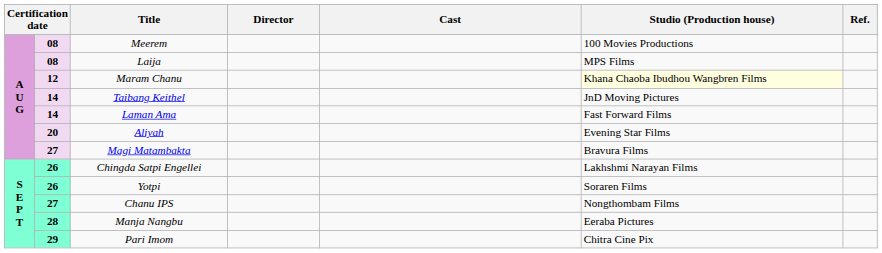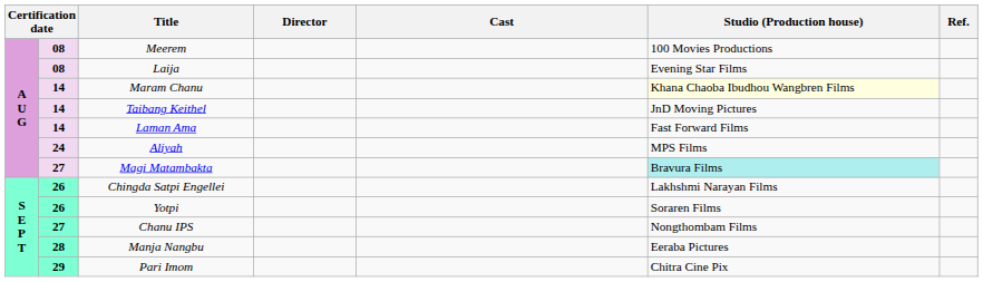 <table class="wikitable">
 <tr style="background:#b0e0e6; text-align:center;">
 <th colspan="2" style="width:6%;"><strong>Certification date</strong></th>
 <th style="width:18%;"><strong>Title</strong></th>
 <th style="width:10.5%;"><strong>Director</strong></th>
 <th style="width:30%;"><strong>Cast</strong></th>
 <th><strong>Studio (Production house)</strong></th>
 <th>Ref.</th>
 </tr>
 <tr August>
 <td rowspan="7" style="text-align:center; background:plum; textcolor:#000;"><strong>A<br>U<br>G</strong></td>
 <td rowspan="1" style="text-align:center;background:#f1daf1;"><strong>08</strong></td>
 <td style="text-align:center;"><em>Meerem</em></td>
 <td></td>
 <td></td>
 <td>100 Movies Productions</td>
 <td></td>
 </tr>
 <tr>
 <td rowspan="1" style="text-align:center;background:#f1daf1;"><strong>08</strong></td>
 <td style="text-align:center;"><em>Laija</em></td>
 <td></td>
 <td></td>
-<td>MPS Films</td>
+<td>Evening Star Films</td>
 <td></td>
 </tr>
 <tr>
-<td rowspan="1" style="text-align:center;background:#f1daf1;"><strong>12</strong></td>
+<td rowspan="1" style="text-align:center;background:#f1daf1;"><strong>14</strong></td>
 <td style="text-align:center;"><em>Maram Chanu</em></td>
 <td></td>
 <td></td>
 <td style="background: lightyellow;">Khana Chaoba Ibudhou Wangbren Films</td>
 <td></td>
 </tr>
 <tr>
 <td rowspan="1" style="text-align:center;background:#f1daf1;"><strong>14</strong></td>
 <td style="text-align:center;"><em><a href='#'>Taibang Keithel</a></em></td>
 <td></td>
 <td></td>
 <td>JnD Moving Pictures</td>
 <td><br></td>
 </tr>
 <tr>
 <td rowspan="1" style="text-align:center;background:#f1daf1;"><strong>14</strong></td>
 <td style="text-align:center;"><em><a href='#'>Laman Ama</a></em></td>
 <td></td>
 <td></td>
 <td>Fast Forward Films</td>
 <td></td>
 </tr>
 <tr>
-<td rowspan="1" style="text-align:center;background:#f1daf1;"><strong>20</strong></td>
+<td rowspan="1" style="text-align:center;background:#f1daf1;"><strong>24</strong></td>
 <td style="text-align:center;"><em><a href='#'>Aliyah</a></em></td>
 <td></td>
 <td></td>
-<td>Evening Star Films</td>
+<td>MPS Films</td>
 <td></td>
 </tr>
 <tr>
 <td rowspan="1" style="text-align:center;background:#f1daf1;"><strong>27</strong></td>
 <td style="text-align:center;"><em><a href='#'>Magi Matambakta</a></em></td>
 <td></td>
 <td></td>
-<td>Bravura Films</td>
+<td style="background: paleturquoise;">Bravura Films</td>
 <td></td>
 </tr>
 <tr September>
 <td rowspan="5" style="text-align:center; background:#7FFFD4; textcolor:#000;"><strong>S<br>E<br>P<br>T</strong></td>
 <td rowspan="1" style="text-align:center;background:#7FFFD4;"><strong>26</strong></td>
 <td style="text-align:center;"><em>Chingda Satpi Engellei</em></td>
 <td></td>
 <td></td>
 <td>Lakhshmi Narayan Films</td>
 <td></td>
 </tr>
 <tr>
 <td rowspan="1" style="text-align:center;background:#7FFFD4;"><strong>26</strong></td>
 <td style="text-align:center;"><em>Yotpi</em></td>
 <td></td>
 <td></td>
 <td>Soraren Films</td>
 <td></td>
 </tr>
 <tr>
 <td rowspan="1" style="text-align:center;background:#7FFFD4;"><strong>27</strong></td>
 <td style="text-align:center;"><em>Chanu IPS</em></td>
 <td></td>
 <td></td>
 <td>Nongthombam Films</td>
 <td></td>
 </tr>
 <tr>
 <td rowspan="1" style="text-align:center;background:#7FFFD4;"><strong>28</strong></td>
 <td style="text-align:center;"><em>Manja Nangbu</em></td>
 <td></td>
 <td></td>
 <td>Eeraba Pictures</td>
 <td></td>
 </tr>
 <tr>
 <td rowspan="1" style="text-align:center;background:#7FFFD4;"><strong>29</strong></td>
 <td style="text-align:center;"><em>Pari Imom</em></td>
 <td></td>
 <td></td>
 <td>Chitra Cine Pix</td>
 <td></td>
 </tr>
 </table>
